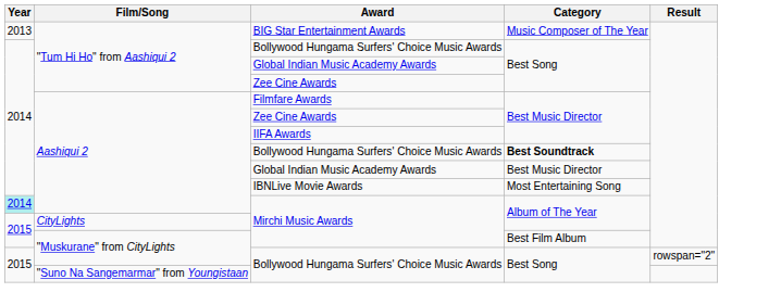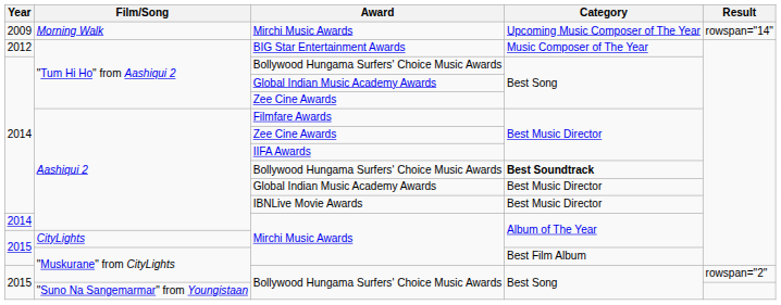 <table class="wikitable">
 <tr>
 <th>Year</th>
 <th>Film/Song</th>
 <th>Award</th>
 <th>Category</th>
 <th>Result</th>
 </tr>
 <tr>
-<td>2013</td>
+<td>2009</td>
+<td><em><a href='#'>Morning Walk</a></em></td>
+<td><a href='#'>Mirchi Music Awards</a></td>
+<td><a href='#'>Upcoming Music Composer of The Year</a></td>
+<td>rowspan="14" </td>
+</tr>
+<tr>
+<td>2012</td>
 <td rowspan="4">"<a href='#'>Tum Hi Ho</a>" from <em><a href='#'>Aashiqui 2</a></em></td>
 <td><a href='#'>BIG Star Entertainment Awards</a></td>
 <td><a href='#'>Music Composer of The Year</a></td>
 </tr>
 <tr>
 <td rowspan="9">2014</td>
 <td>Bollywood Hungama Surfers' Choice Music Awards</td>
 <td rowspan="3">Best Song</td>
 </tr>
 <tr>
 <td><a href='#'>Global Indian Music Academy Awards</a></td>
 </tr>
 <tr>
 <td><a href='#'>Zee Cine Awards</a></td>
 </tr>
 <tr>
 <td rowspan="7"><em><a href='#'>Aashiqui 2</a></em></td>
 <td><a href='#'>Filmfare Awards</a></td>
 <td rowspan="3"><a href='#'>Best Music Director</a></td>
 </tr>
 <tr>
 <td><a href='#'>Zee Cine Awards</a></td>
 </tr>
 <tr>
 <td><a href='#'>IIFA Awards</a></td>
 </tr>
 <tr>
 <td>Bollywood Hungama Surfers' Choice Music Awards</td>
 <td><strong>Best Soundtrack</strong></td>
 </tr>
 <tr>
 <td>Global Indian Music Academy Awards</td>
 <td>Best Music Director</td>
 </tr>
 <tr>
 <td>IBNLive Movie Awards</td>
-<td>Most Entertaining Song</td>
+<td>Best Music Director</td>
 </tr>
 <tr>
-<td style="background: paleturquoise;"><a href='#'>2014</a></td>
+<td><a href='#'>2014</a></td>
 <td rowspan="3"><a href='#'>Mirchi Music Awards</a></td>
 <td rowspan="2"><a href='#'>Album of The Year</a></td>
 </tr>
 <tr>
 <td rowspan="2"><a href='#'>2015</a></td>
 <td><em><a href='#'>CityLights</a></em></td>
 </tr>
 <tr>
 <td rowspan="2">"<a href='#'>Muskurane</a>" from <em>CityLights</em></td>
 <td>Best Film Album</td>
 </tr>
 <tr>
 <td rowspan="2">2015</td>
 <td rowspan="2">Bollywood Hungama Surfers' Choice Music Awards</td>
 <td rowspan="2">Best Song</td>
 <td>rowspan="2" </td>
 </tr>
 <tr>
 <td>"<a href='#'>Suno Na Sangemarmar</a>" from <em><a href='#'>Youngistaan</a></em></td>
 </tr>
 </table>
